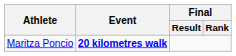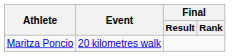 <table class="wikitable" style="font-size:90%">
 <tr>
 <th rowspan="2">Athlete</th>
 <th rowspan="2">Event</th>
 <th colspan="2">Final</th>
 </tr>
 <tr style="font-size:95%">
 <th>Result</th>
 <th>Rank</th>
 </tr>
 <tr align=center>
 <td align=left><a href='#'>Maritza Poncio</a></td>
-<td align=left><strong><a href='#'>20 kilometres walk</a></strong></td>
+<td align=left><a href='#'>20 kilometres walk</a></td>
 <td colspan=2></td>
 </tr>
 </table>
